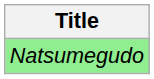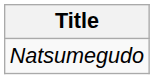 <table class="wikitable">
 <tr>
 <th>Title</th>
 </tr>
 <tr>
-<td style="background: lightgreen;"><em>Natsumegudo</em></td>
+<td><em>Natsumegudo</em></td>
 </tr>
 </table>
